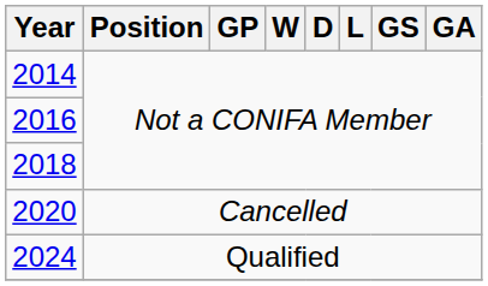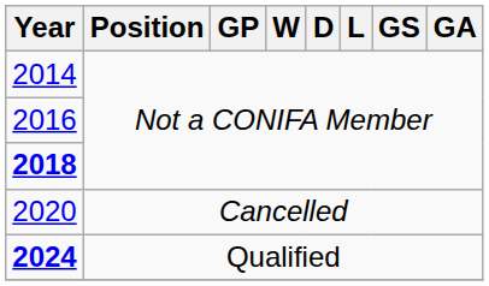 <table class="wikitable" style="text-align: center;">
 <tr>
 <th>Year</th>
 <th>Position</th>
 <th>GP</th>
 <th>W</th>
 <th>D</th>
 <th>L</th>
 <th>GS</th>
 <th>GA</th>
 </tr>
 <tr>
 <td> <a href='#'>2014</a></td>
 <td colspan="7" rowspan="3"><em>Not a CONIFA Member</em></td>
 </tr>
 <tr>
 <td> <a href='#'>2016</a></td>
 </tr>
 <tr>
-<td> <a href='#'>2018</a></td>
+<td><strong> <a href='#'>2018</a></strong></td>
 </tr>
 <tr>
 <td> <a href='#'>2020</a></td>
 <td colspan=7><em>Cancelled</em></td>
 </tr>
 <tr>
-<td> <a href='#'>2024</a></td>
+<td><strong> <a href='#'>2024</a></strong></td>
 <td colspan=7>Qualified</td>
 </tr>
 <tr>
 </tr>
 </table>
